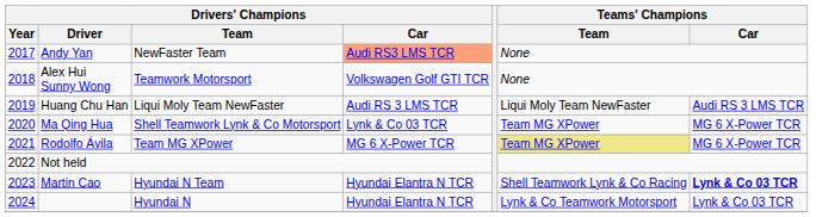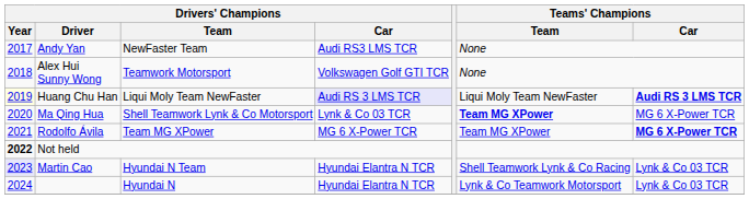 <table class="wikitable" style="font-size: 90%;">
 <tr>
 <th colspan="4">Drivers' Champions</th>
 <th rowspan="10"></th>
 <th colspan="2">Teams' Champions</th>
 </tr>
 <tr>
 <th>Year</th>
 <th>Driver</th>
 <th>Team</th>
 <th>Car</th>
 <th>Team</th>
 <th>Car</th>
 </tr>
 <tr>
 <td><a href='#'>2017</a></td>
 <td> <a href='#'>Andy Yan</a></td>
 <td> NewFaster Team</td>
-<td style="background: lightsalmon;"><a href='#'>Audi RS3 LMS TCR</a></td>
+<td><a href='#'>Audi RS3 LMS TCR</a></td>
 <td colspan="2"><em>None</em></td>
 </tr>
 <tr>
 <td><a href='#'>2018</a></td>
 <td> Alex Hui<br> <a href='#'>Sunny Wong</a></td>
 <td> <a href='#'>Teamwork Motorsport</a></td>
 <td><a href='#'>Volkswagen Golf GTI TCR</a></td>
 <td colspan="2"><em>None</em></td>
 </tr>
 <tr>
-<td><a href='#'>2019</a></td>
+<td style="background: lightyellow;"><a href='#'>2019</a></td>
 <td> Huang Chu Han</td>
 <td> Liqui Moly Team NewFaster</td>
-<td><a href='#'>Audi RS 3 LMS TCR</a></td>
+<td style="background: lavender;"><a href='#'>Audi RS 3 LMS TCR</a></td>
 <td> Liqui Moly Team NewFaster</td>
-<td><a href='#'>Audi RS 3 LMS TCR</a></td>
+<td><strong><a href='#'>Audi RS 3 LMS TCR</a></strong></td>
 </tr>
 <tr>
 <td><a href='#'>2020</a></td>
 <td> <a href='#'>Ma Qing Hua</a></td>
 <td> <a href='#'>Shell Teamwork Lynk & Co Motorsport</a></td>
 <td><a href='#'>Lynk & Co 03 TCR</a></td>
-<td> <a href='#'>Team MG XPower</a></td>
+<td><strong> <a href='#'>Team MG XPower</a></strong></td>
 <td><a href='#'>MG 6 X-Power TCR</a></td>
 </tr>
 <tr>
 <td><a href='#'>2021</a></td>
 <td> <a href='#'>Rodolfo Ávila</a></td>
 <td> <a href='#'>Team MG XPower</a></td>
 <td><a href='#'>MG 6 X-Power TCR</a></td>
-<td style="background: khaki;"> <a href='#'>Team MG XPower</a></td>
-<td><a href='#'>MG 6 X-Power TCR</a></td>
+<td> <a href='#'>Team MG XPower</a></td>
+<td><strong><a href='#'>MG 6 X-Power TCR</a></strong></td>
 </tr>
 <tr>
-<td>2022</td>
+<td><strong>2022</strong></td>
 <td colspan="7">Not held</td>
 </tr>
 <tr>
-<td><a href='#'>2023</a></td>
+<td style="background: lavender;"><a href='#'>2023</a></td>
 <td> <a href='#'>Martin Cao</a></td>
 <td> <a href='#'>Hyundai N Team</a></td>
 <td><a href='#'>Hyundai Elantra N TCR</a></td>
 <td> <a href='#'>Shell Teamwork Lynk & Co Racing</a></td>
-<td><strong><a href='#'>Lynk & Co 03 TCR</a></strong></td>
+<td><a href='#'>Lynk & Co 03 TCR</a></td>
 </tr>
 <tr>
 <td><a href='#'>2024</a></td>
 <td> </td>
 <td> <a href='#'>Hyundai N</a></td>
 <td><a href='#'>Hyundai Elantra N TCR</a></td>
 <td> <a href='#'>Lynk & Co Teamwork Motorsport</a></td>
 <td><a href='#'>Lynk & Co 03 TCR</a></td>
 </tr>
 <tr>
 </tr>
 </table>
